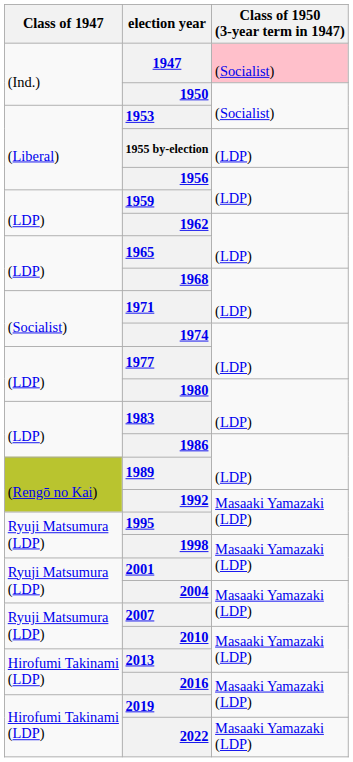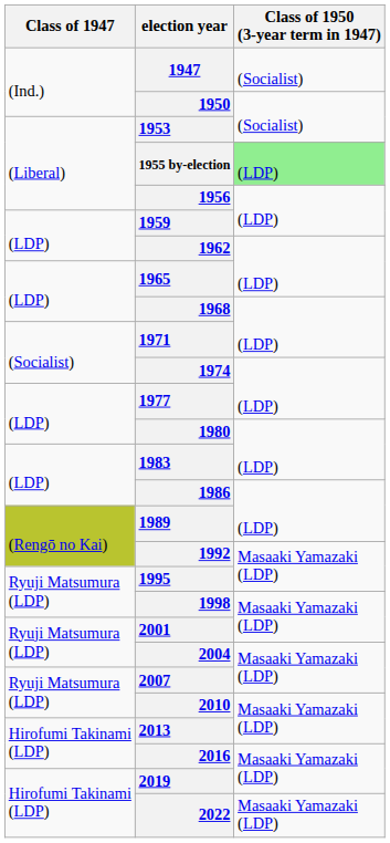 <table class="wikitable" border="1">
 <tr>
 <th>Class of 1947</th>
 <th>election year</th>
 <th>Class of 1950<br>(3-year term in 1947)</th>
 </tr>
 <tr>
 <td rowspan="2"><br>(Ind.)</td>
 <th style="text-align: center"><a href='#'>1947</a></th>
-<td style="background: pink;"><br>(<a href='#'>Socialist</a>)</td>
+<td><br>(<a href='#'>Socialist</a>)</td>
 </tr>
 <tr>
 <th style="text-align: right"><a href='#'>1950</a></th>
 <td rowspan="2" ><br>(<a href='#'>Socialist</a>)</td>
 </tr>
 <tr>
 <td rowspan="3" ><br>(<a href='#'>Liberal</a>)</td>
 <th style="text-align: left"><a href='#'>1953</a></th>
 </tr>
 <tr>
 <th style="text-align: right"><small>1955 by-election</small></th>
-<td><br>(<a href='#'>LDP</a>)</td>
+<td style="background: lightgreen;"><br>(<a href='#'>LDP</a>)</td>
 </tr>
 <tr>
 <th style="text-align: right"><a href='#'>1956</a></th>
 <td rowspan="2" ><br>(<a href='#'>LDP</a>)</td>
 </tr>
 <tr>
 <td rowspan="2" ><br>(<a href='#'>LDP</a>)</td>
 <th style="text-align: left"><a href='#'>1959</a></th>
 </tr>
 <tr>
 <th style="text-align: right"><a href='#'>1962</a></th>
 <td rowspan="2" ><br><br>(<a href='#'>LDP</a>)</td>
 </tr>
 <tr>
 <td rowspan="2" ><br>(<a href='#'>LDP</a>)</td>
 <th style="text-align: left"><a href='#'>1965</a></th>
 </tr>
 <tr>
 <th style="text-align: right"><a href='#'>1968</a></th>
 <td rowspan="2" ><br><br>(<a href='#'>LDP</a>)</td>
 </tr>
 <tr>
 <td rowspan="2" ><br>(<a href='#'>Socialist</a>)</td>
 <th style="text-align: left"><a href='#'>1971</a></th>
 </tr>
 <tr>
 <th style="text-align: right"><a href='#'>1974</a></th>
 <td rowspan="2" ><br><br>(<a href='#'>LDP</a>)</td>
 </tr>
 <tr>
 <td rowspan="2" ><br>(<a href='#'>LDP</a>)</td>
 <th style="text-align: left"><a href='#'>1977</a></th>
 </tr>
 <tr>
 <th style="text-align: right"><a href='#'>1980</a></th>
 <td rowspan="2" ><br><br>(<a href='#'>LDP</a>)</td>
 </tr>
 <tr>
 <td rowspan="2" ><br>(<a href='#'>LDP</a>)</td>
 <th style="text-align: left"><a href='#'>1983</a></th>
 </tr>
 <tr>
 <th style="text-align: right"><a href='#'>1986</a></th>
 <td rowspan="2" ><br><br>(<a href='#'>LDP</a>)</td>
 </tr>
 <tr>
 <td rowspan="2" bgcolor="#B9C42F"><br>(<a href='#'>Rengō no Kai</a>)</td>
 <th style="text-align: left"><a href='#'>1989</a></th>
 </tr>
 <tr>
 <th style="text-align: right"><a href='#'>1992</a></th>
 <td rowspan="2" ><a href='#'>Masaaki Yamazaki</a><br>(<a href='#'>LDP</a>)</td>
 </tr>
 <tr>
 <td rowspan="2" ><a href='#'>Ryuji Matsumura</a><br>(<a href='#'>LDP</a>)</td>
 <th style="text-align: left"><a href='#'>1995</a></th>
 </tr>
 <tr>
 <th style="text-align: right"><a href='#'>1998</a></th>
 <td rowspan="2" ><a href='#'>Masaaki Yamazaki</a><br>(<a href='#'>LDP</a>)</td>
 </tr>
 <tr>
 <td rowspan="2" ><a href='#'>Ryuji Matsumura</a><br>(<a href='#'>LDP</a>)</td>
 <th style="text-align: left"><a href='#'>2001</a></th>
 </tr>
 <tr>
 <th style="text-align: right"><a href='#'>2004</a></th>
 <td rowspan="2" ><a href='#'>Masaaki Yamazaki</a><br>(<a href='#'>LDP</a>)</td>
 </tr>
 <tr>
 <td rowspan="2" ><a href='#'>Ryuji Matsumura</a><br>(<a href='#'>LDP</a>)</td>
 <th style="text-align: left"><a href='#'>2007</a></th>
 </tr>
 <tr>
 <th style="text-align: right"><a href='#'>2010</a></th>
 <td rowspan="2" ><a href='#'>Masaaki Yamazaki</a><br>(<a href='#'>LDP</a>)</td>
 </tr>
 <tr>
 <td rowspan="2" ><a href='#'>Hirofumi Takinami</a><br>(<a href='#'>LDP</a>)</td>
 <th style="text-align: left"><a href='#'>2013</a></th>
 </tr>
 <tr>
 <th style="text-align: right"><a href='#'>2016</a></th>
 <td rowspan="2" ><a href='#'>Masaaki Yamazaki</a><br>(<a href='#'>LDP</a>)</td>
 </tr>
 <tr>
 <td rowspan="2" ><a href='#'>Hirofumi Takinami</a><br>(<a href='#'>LDP</a>)</td>
 <th style="text-align: left"><a href='#'>2019</a></th>
 </tr>
 <tr>
 <th style="text-align: right"><a href='#'>2022</a></th>
 <td rowspan="2" ><a href='#'>Masaaki Yamazaki</a><br>(<a href='#'>LDP</a>)</td>
 </tr>
 </table>
